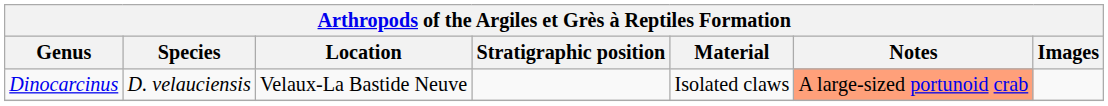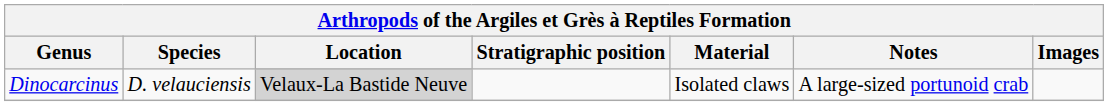 <table class="wikitable" align="center">
 <tr>
 <th colspan="7" align="center"><a href='#'>Arthropods</a> of the Argiles et Grès à Reptiles Formation</th>
 </tr>
 <tr>
 <th>Genus</th>
 <th>Species</th>
 <th>Location</th>
 <th>Stratigraphic position</th>
 <th>Material</th>
 <th>Notes</th>
 <th>Images</th>
 </tr>
 <tr>
 <td><em><a href='#'>Dinocarcinus</a></em></td>
 <td><em>D. velauciensis</em></td>
-<td>Velaux-La Bastide Neuve</td>
+<td style="background: lightgrey;">Velaux-La Bastide Neuve</td>
 <td></td>
 <td>Isolated claws</td>
-<td style="background: lightsalmon;">A large-sized <a href='#'>portunoid</a> <a href='#'>crab</a></td>
+<td>A large-sized <a href='#'>portunoid</a> <a href='#'>crab</a></td>
 <td></td>
 </tr>
 <tr>
 </tr>
 </table>
